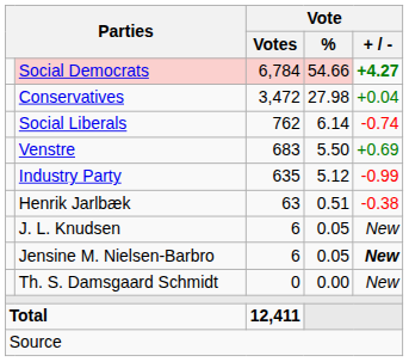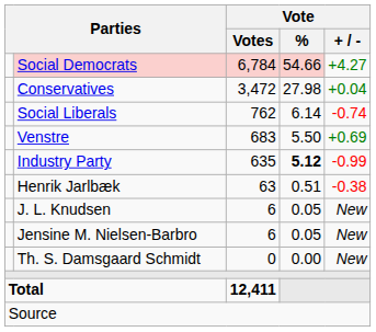 <table class="wikitable" style="text-align:right;">
 <tr>
 <th style="text-align:centre;" rowspan="2" colspan="2" width="225">Parties</th>
 <th colspan="3">Vote</th>
 </tr>
 <tr>
 <th width="15">Votes</th>
 <th width="15">%</th>
 <th width="15">+ / -</th>
 </tr>
 <tr>
 <td width="2" style="color:inherit;background:"></td>
 <td bgcolor=#fbd0ce  align="left"><a href='#'>Social Democrats</a></td>
 <td bgcolor=#fbd0ce>6,784</td>
 <td bgcolor=#fbd0ce>54.66</td>
-<td style=color:green;><strong>+4.27</strong></td>
+<td style=color:green;>+4.27</td>
 </tr>
 <tr>
 <td width="2" style="color:inherit;background:"></td>
 <td align="left"><a href='#'>Conservatives</a></td>
 <td>3,472</td>
 <td>27.98</td>
 <td style=color:green;>+0.04</td>
 </tr>
 <tr>
 <td width="2" style="color:inherit;background:"></td>
 <td align="left"><a href='#'>Social Liberals</a></td>
 <td>762</td>
 <td>6.14</td>
 <td style=color:red;>-0.74</td>
 </tr>
 <tr>
 <td width="2" style="color:inherit;background:"></td>
 <td align="left"><a href='#'>Venstre</a></td>
 <td>683</td>
 <td>5.50</td>
 <td style=color:green;>+0.69</td>
 </tr>
 <tr>
 <td width="2" style="color:inherit;background:"></td>
 <td align="left"><a href='#'>Industry Party</a></td>
 <td>635</td>
-<td>5.12</td>
+<td><strong>5.12</strong></td>
 <td style=color:red;>-0.99</td>
 </tr>
 <tr>
 <td width="2" style="color:inherit;background:"></td>
 <td align="left">Henrik Jarlbæk</td>
 <td>63</td>
 <td>0.51</td>
 <td style=color:red;>-0.38</td>
 </tr>
 <tr>
 <td width="2" style="color:inherit;background:"></td>
 <td align="left">J. L. Knudsen</td>
 <td>6</td>
 <td>0.05</td>
 <td><em>New</em></td>
 </tr>
 <tr>
 <td width="2" style="color:inherit;background:"></td>
 <td align="left">Jensine M. Nielsen-Barbro</td>
 <td>6</td>
 <td>0.05</td>
-<td><strong><em>New</em></strong></td>
+<td><em>New</em></td>
 </tr>
 <tr>
 <td width="2" style="color:inherit;background:"></td>
 <td align="left">Th. S. Damsgaard Schmidt</td>
 <td>0</td>
 <td>0.00</td>
 <td><em>New</em></td>
 </tr>
 <tr>
 <td colspan="7" bgcolor="#E9E9E9"></td>
 </tr>
 <tr>
 <td align="left" colspan="2"><strong>Total</strong></td>
 <td><strong>12,411</strong></td>
 <td bgcolor="#E9E9E9" colspan="2"></td>
 </tr>
 <tr>
 <td align="left" colspan="6">Source</td>
 </tr>
 </table>
